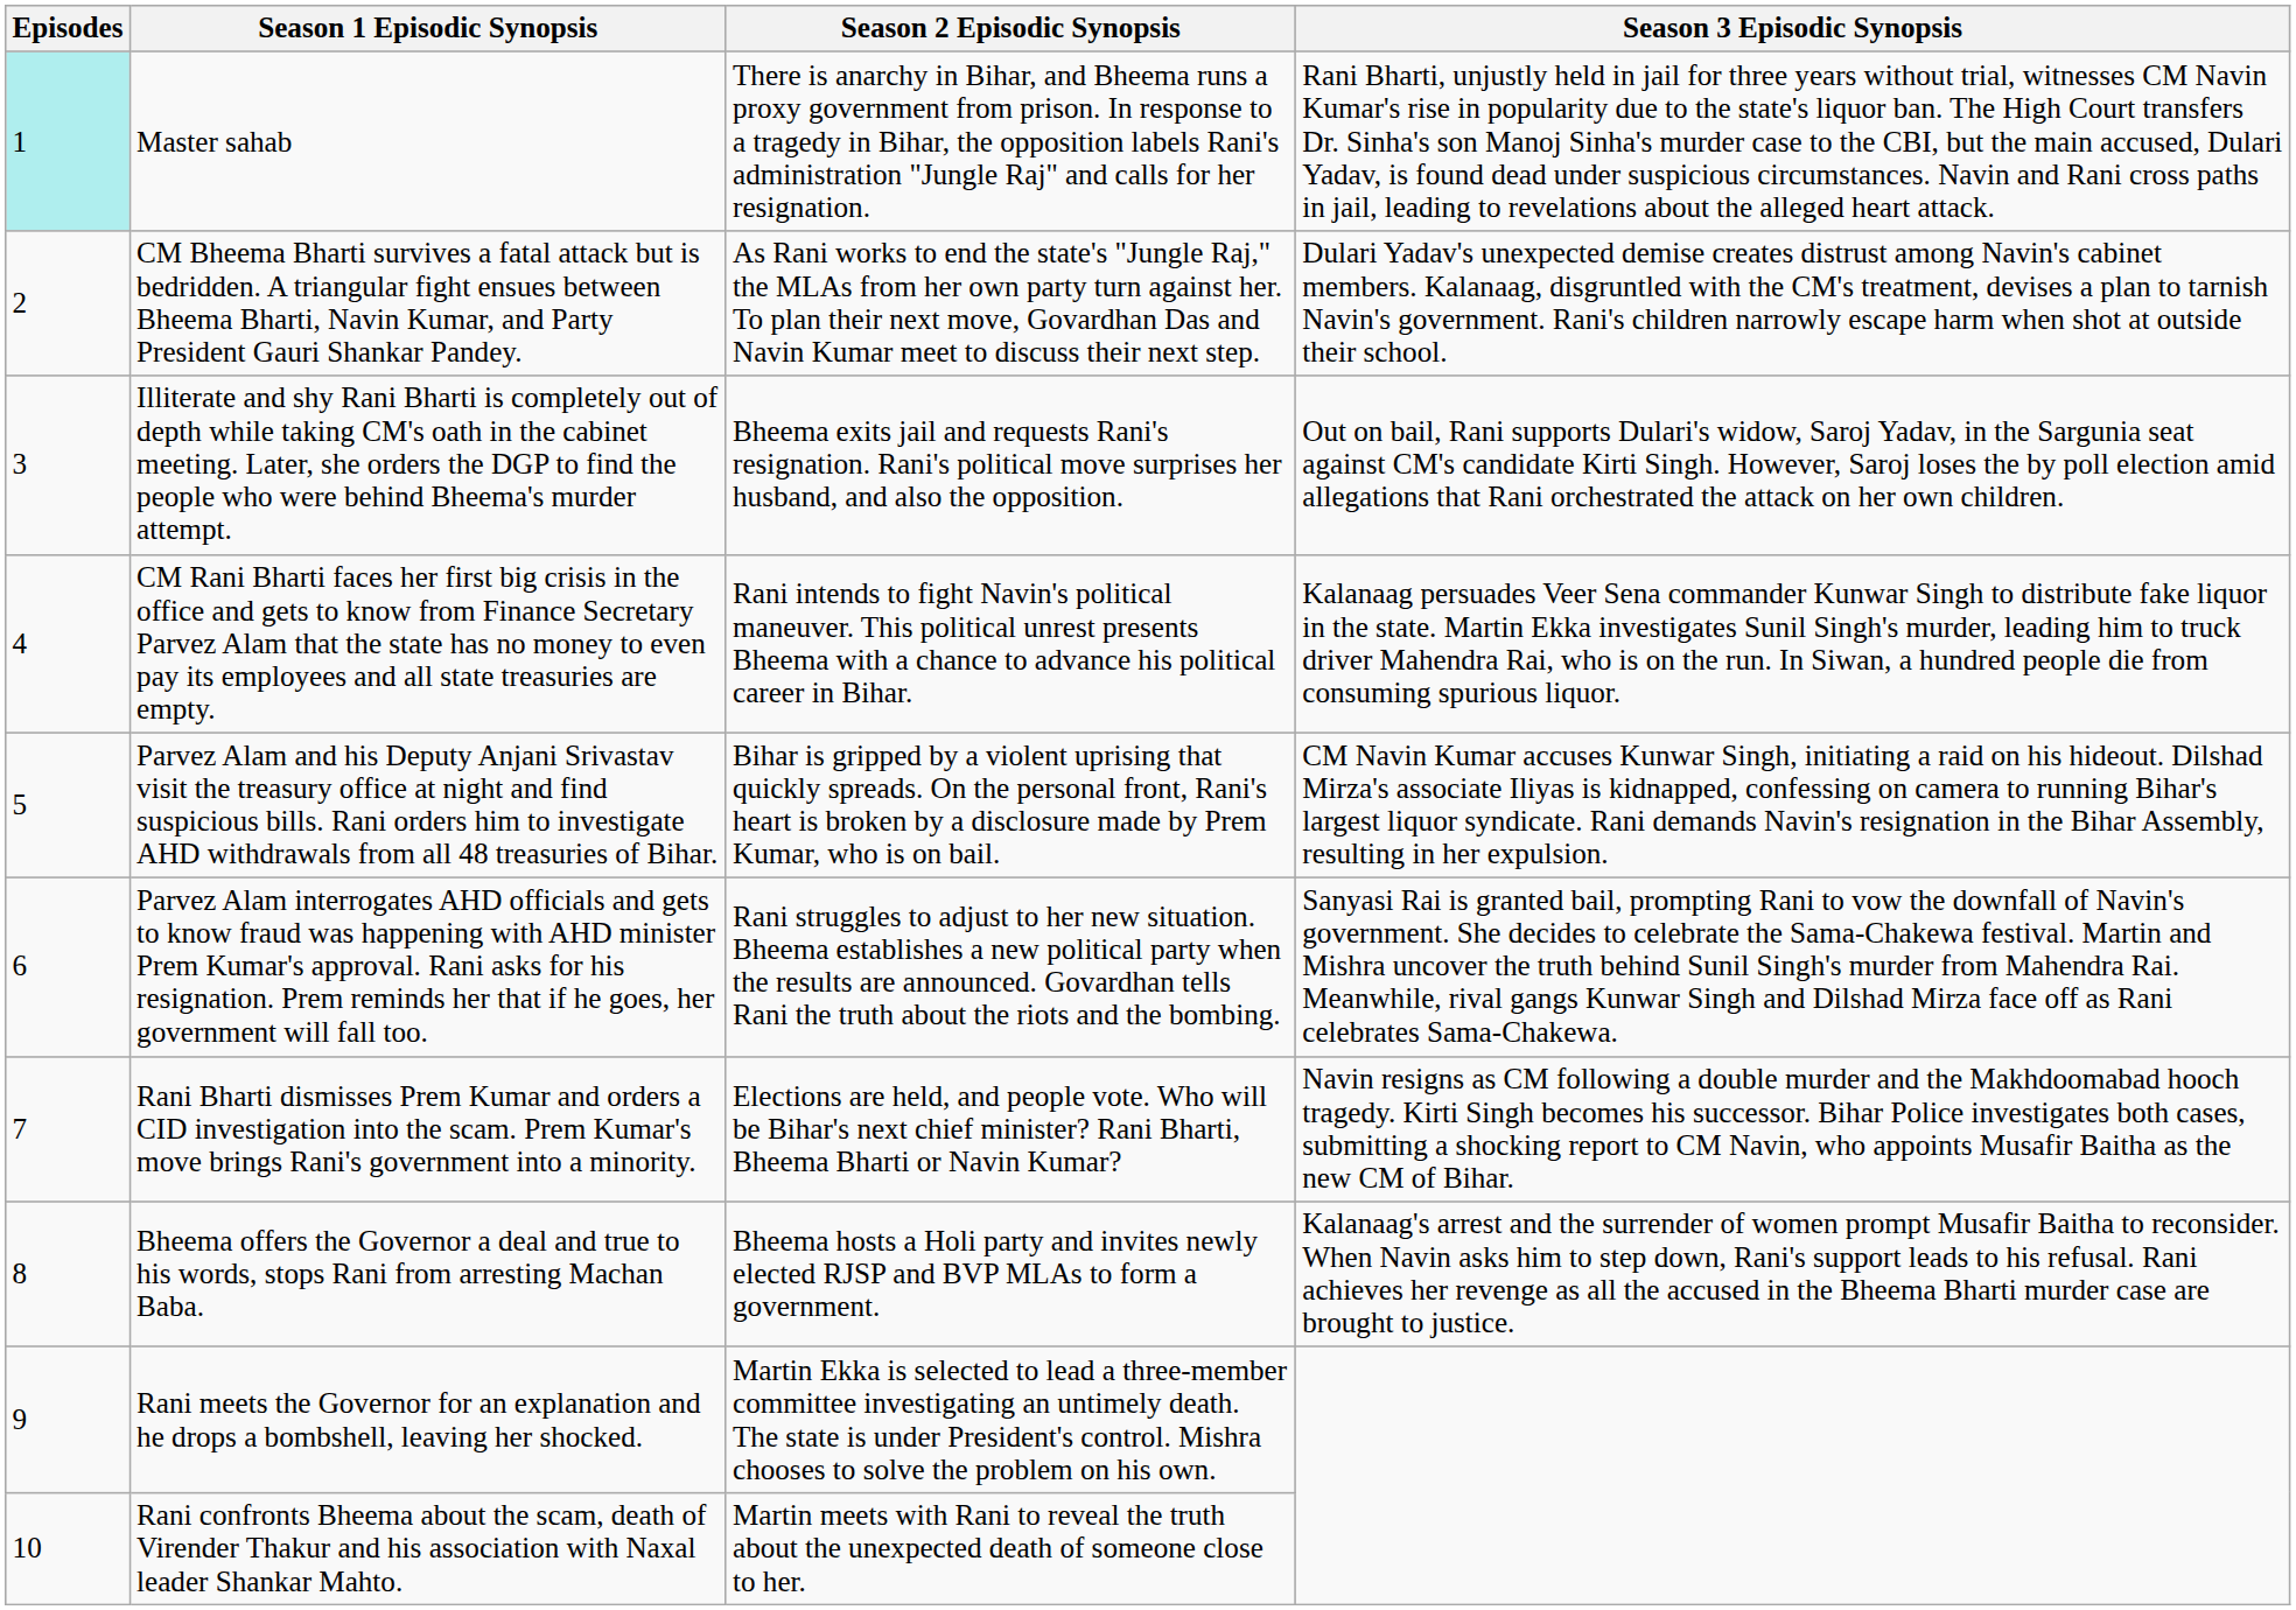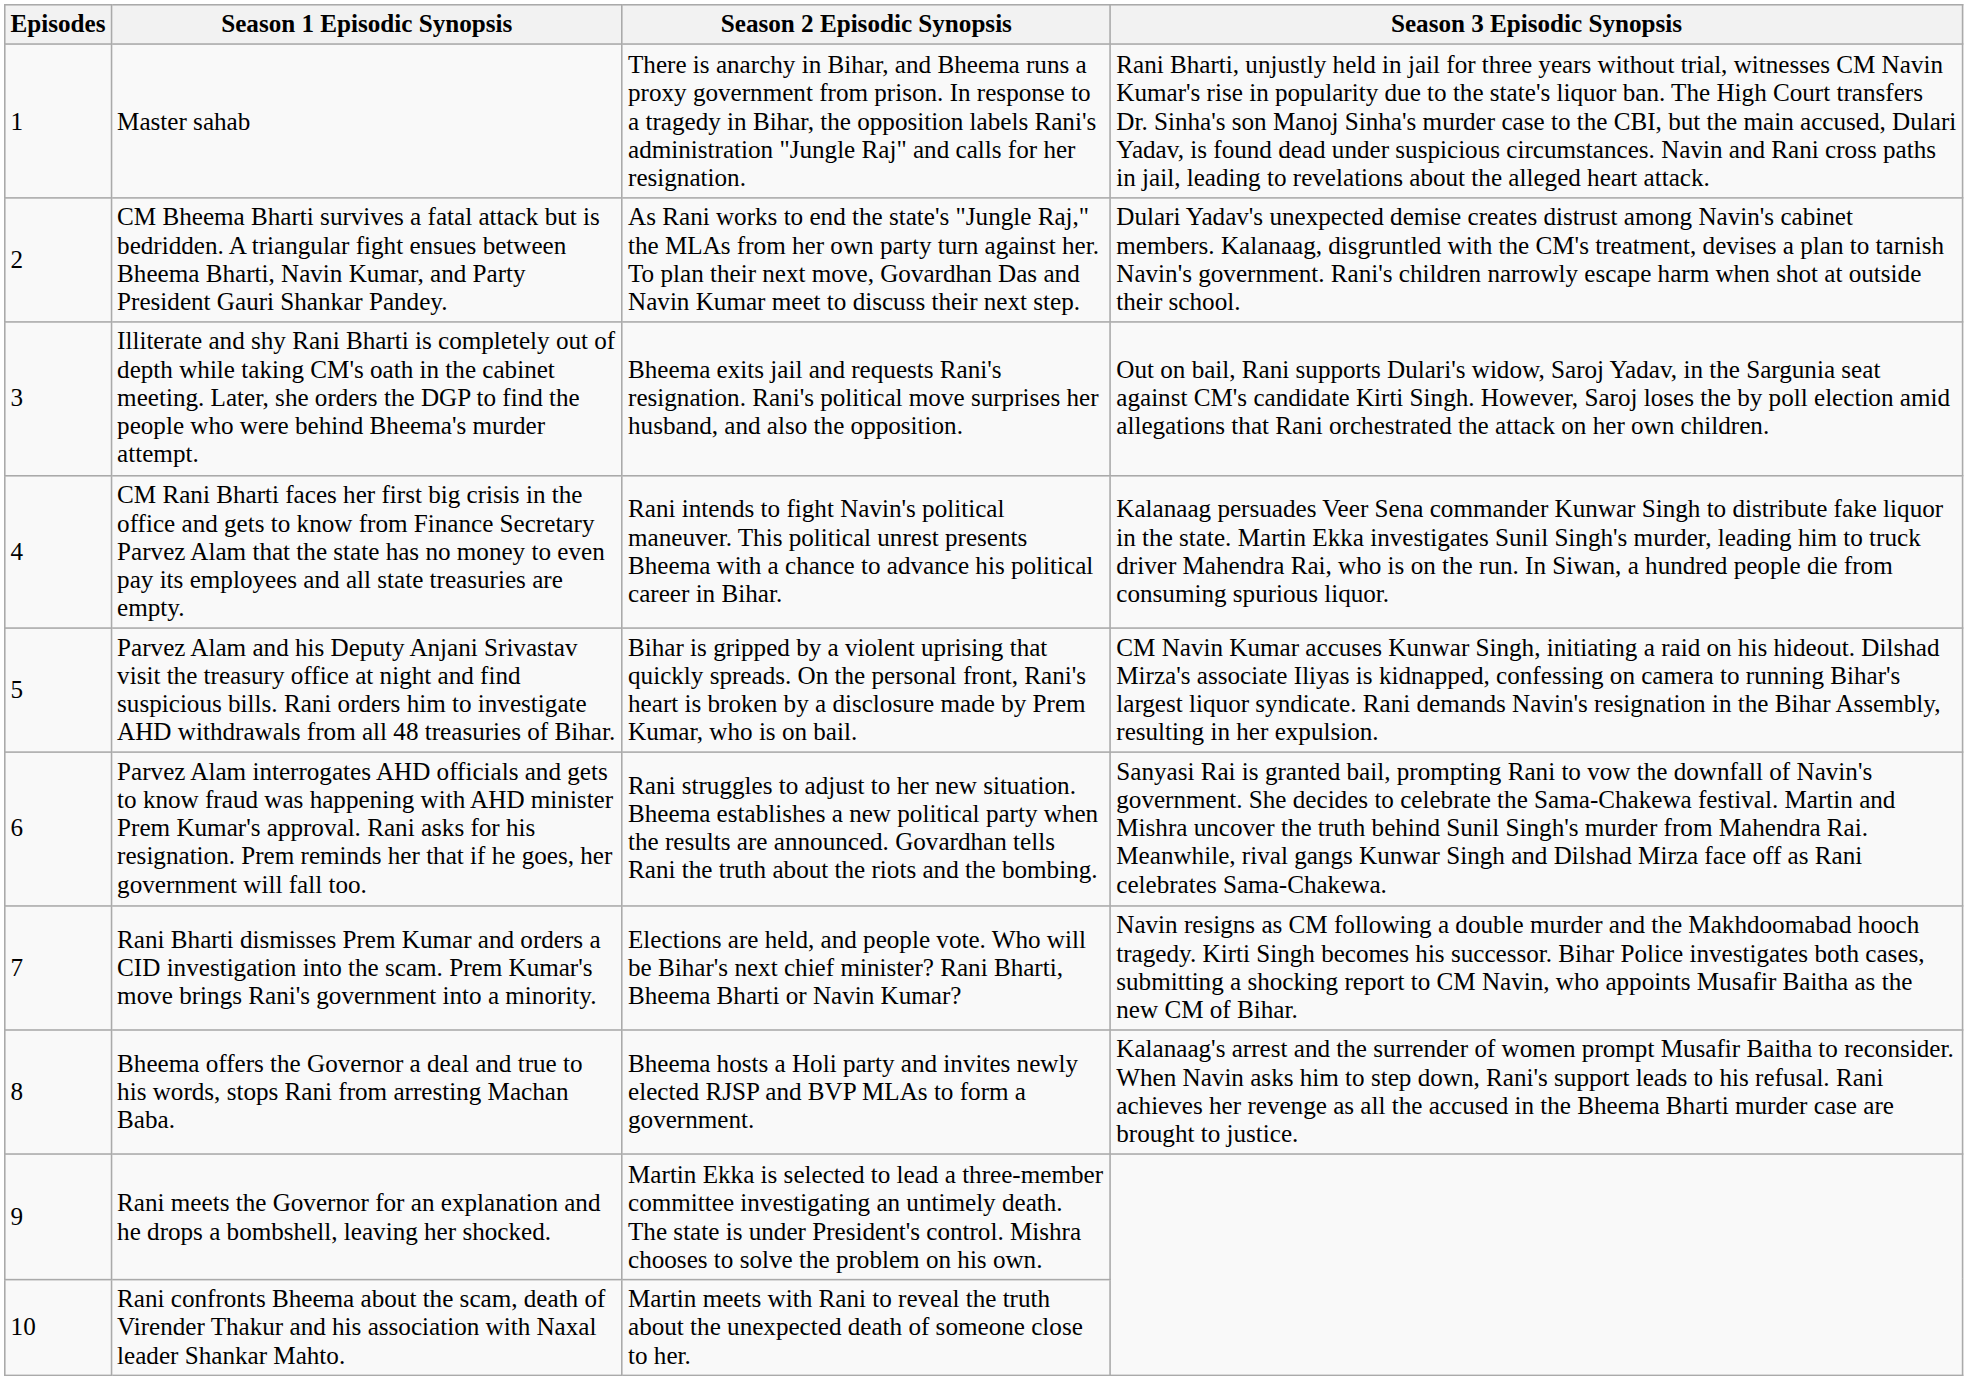 <table class="wikitable">
 <tr>
 <th>Episodes</th>
 <th>Season 1 Episodic Synopsis</th>
 <th>Season 2 Episodic Synopsis</th>
 <th>Season 3 Episodic Synopsis</th>
 </tr>
 <tr>
-<td style="background: paleturquoise;">1</td>
+<td>1</td>
 <td>Master sahab</td>
 <td>There is anarchy in Bihar, and Bheema runs a proxy government from prison. In response to a tragedy in Bihar, the opposition labels Rani's administration "Jungle Raj" and calls for her resignation.</td>
 <td>Rani Bharti, unjustly held in jail for three years without trial, witnesses CM Navin Kumar's rise in popularity due to the state's liquor ban. The High Court transfers Dr. Sinha's son Manoj Sinha's murder case to the CBI, but the main accused, Dulari Yadav, is found dead under suspicious circumstances. Navin and Rani cross paths in jail, leading to revelations about the alleged heart attack.</td>
 </tr>
 <tr>
 <td>2</td>
 <td>CM Bheema Bharti survives a fatal attack but is bedridden. A triangular fight ensues between Bheema Bharti, Navin Kumar, and Party President Gauri Shankar Pandey.</td>
 <td>As Rani works to end the state's "Jungle Raj," the MLAs from her own party turn against her. To plan their next move, Govardhan Das and Navin Kumar meet to discuss their next step.</td>
 <td>Dulari Yadav's unexpected demise creates distrust among Navin's cabinet members. Kalanaag, disgruntled with the CM's treatment, devises a plan to tarnish Navin's government. Rani's children narrowly escape harm when shot at outside their school.</td>
 </tr>
 <tr>
 <td>3</td>
 <td>Illiterate and shy Rani Bharti is completely out of depth while taking CM's oath in the cabinet meeting. Later, she orders the DGP to find the people who were behind Bheema's murder attempt.</td>
 <td>Bheema exits jail and requests Rani's resignation. Rani's political move surprises her husband, and also the opposition.</td>
 <td>Out on bail, Rani supports Dulari's widow, Saroj Yadav, in the Sargunia seat against CM's candidate Kirti Singh. However, Saroj loses the by poll election amid allegations that Rani orchestrated the attack on her own children.</td>
 </tr>
 <tr>
 <td>4</td>
 <td>CM Rani Bharti faces her first big crisis in the office and gets to know from Finance Secretary Parvez Alam that the state has no money to even pay its employees and all state treasuries are empty.</td>
 <td>Rani intends to fight Navin's political maneuver. This political unrest presents Bheema with a chance to advance his political career in Bihar.</td>
 <td>Kalanaag persuades Veer Sena commander Kunwar Singh to distribute fake liquor in the state. Martin Ekka investigates Sunil Singh's murder, leading him to truck driver Mahendra Rai, who is on the run. In Siwan, a hundred people die from consuming spurious liquor.</td>
 </tr>
 <tr>
 <td>5</td>
 <td>Parvez Alam and his Deputy Anjani Srivastav visit the treasury office at night and find suspicious bills. Rani orders him to investigate AHD withdrawals from all 48 treasuries of Bihar.</td>
 <td>Bihar is gripped by a violent uprising that quickly spreads. On the personal front, Rani's heart is broken by a disclosure made by Prem Kumar, who is on bail.</td>
 <td>CM Navin Kumar accuses Kunwar Singh, initiating a raid on his hideout. Dilshad Mirza's associate Iliyas is kidnapped, confessing on camera to running Bihar's largest liquor syndicate. Rani demands Navin's resignation in the Bihar Assembly, resulting in her expulsion.</td>
 </tr>
 <tr>
 <td>6</td>
 <td>Parvez Alam interrogates AHD officials and gets to know fraud was happening with AHD minister Prem Kumar's approval. Rani asks for his resignation. Prem reminds her that if he goes, her government will fall too.</td>
 <td>Rani struggles to adjust to her new situation. Bheema establishes a new political party when the results are announced. Govardhan tells Rani the truth about the riots and the bombing.</td>
 <td>Sanyasi Rai is granted bail, prompting Rani to vow the downfall of Navin's government. She decides to celebrate the Sama-Chakewa festival. Martin and Mishra uncover the truth behind Sunil Singh's murder from Mahendra Rai. Meanwhile, rival gangs Kunwar Singh and Dilshad Mirza face off as Rani celebrates Sama-Chakewa.</td>
 </tr>
 <tr>
 <td>7</td>
 <td>Rani Bharti dismisses Prem Kumar and orders a CID investigation into the scam. Prem Kumar's move brings Rani's government into a minority.</td>
 <td>Elections are held, and people vote. Who will be Bihar's next chief minister? Rani Bharti, Bheema Bharti or Navin Kumar?</td>
 <td>Navin resigns as CM following a double murder and the Makhdoomabad hooch tragedy. Kirti Singh becomes his successor. Bihar Police investigates both cases, submitting a shocking report to CM Navin, who appoints Musafir Baitha as the new CM of Bihar.</td>
 </tr>
 <tr>
 <td>8</td>
 <td>Bheema offers the Governor a deal and true to his words, stops Rani from arresting Machan Baba.</td>
 <td>Bheema hosts a Holi party and invites newly elected RJSP and BVP MLAs to form a government.</td>
 <td>Kalanaag's arrest and the surrender of women prompt Musafir Baitha to reconsider. When Navin asks him to step down, Rani's support leads to his refusal. Rani achieves her revenge as all the accused in the Bheema Bharti murder case are brought to justice.</td>
 </tr>
 <tr>
 <td>9</td>
 <td>Rani meets the Governor for an explanation and he drops a bombshell, leaving her shocked.</td>
 <td>Martin Ekka is selected to lead a three-member committee investigating an untimely death. The state is under President's control. Mishra chooses to solve the problem on his own.</td>
 </tr>
 <tr>
 <td>10</td>
 <td>Rani confronts Bheema about the scam, death of Virender Thakur and his association with Naxal leader Shankar Mahto.</td>
 <td>Martin meets with Rani to reveal the truth about the unexpected death of someone close to her.</td>
 </tr>
 </table>
